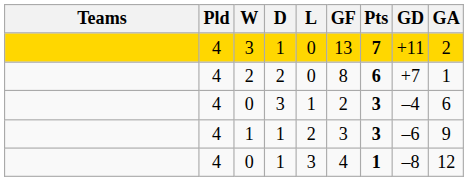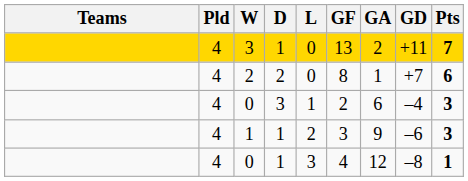 <table class="wikitable" style="text-align: center;">
 <tr>
 <th width=165>Teams</th>
 <th width=20>Pld</th>
 <th width=20>W</th>
 <th width=20>D</th>
 <th width=20>L</th>
 <th width=20>GF</th>
+<th width=20>GA</th>
+<th width=20>GD</th>
 <th width=20>Pts</th>
-<th width=20>GD</th>
-<th width=20>GA</th>
 </tr>
 <tr align=center style="background:gold">
 <td style="text-align:left;"></td>
 <td>4</td>
 <td>3</td>
 <td>1</td>
 <td>0</td>
 <td>13</td>
+<td>2</td>
+<td>+11</td>
 <td><strong>7</strong></td>
-<td>+11</td>
-<td>2</td>
 </tr>
 <tr align=center>
 <td style="text-align:left;"></td>
 <td>4</td>
 <td>2</td>
 <td>2</td>
 <td>0</td>
 <td>8</td>
+<td>1</td>
+<td>+7</td>
 <td><strong>6</strong></td>
-<td>+7</td>
-<td>1</td>
 </tr>
 <tr align=center>
 <td style="text-align:left;"></td>
 <td>4</td>
 <td>0</td>
 <td>3</td>
 <td>1</td>
 <td>2</td>
+<td>6</td>
+<td>–4</td>
 <td><strong>3</strong></td>
-<td>–4</td>
-<td>6</td>
 </tr>
 <tr align=center>
 <td style="text-align:left;"></td>
 <td>4</td>
 <td>1</td>
 <td>1</td>
 <td>2</td>
 <td>3</td>
+<td>9</td>
+<td>–6</td>
 <td><strong>3</strong></td>
-<td>–6</td>
-<td>9</td>
 </tr>
 <tr align=center>
 <td style="text-align:left;"></td>
 <td>4</td>
 <td>0</td>
 <td>1</td>
 <td>3</td>
 <td>4</td>
+<td>12</td>
+<td>–8</td>
 <td><strong>1</strong></td>
-<td>–8</td>
-<td>12</td>
 </tr>
 </table>
